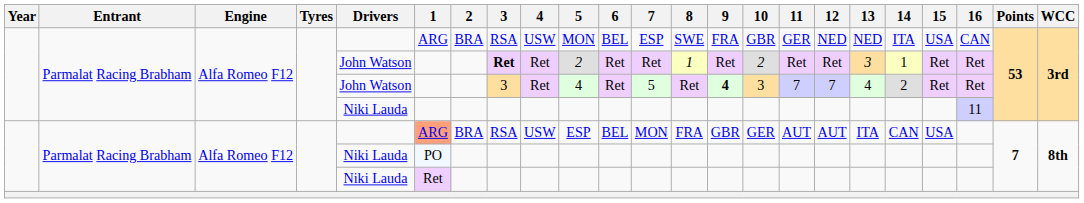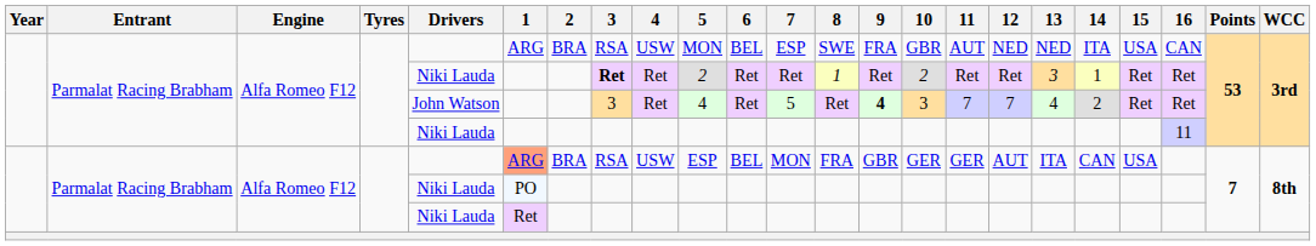 <table class="wikitable" style="text-align:center; font-size:95%">
 <tr>
 <th>Year</th>
 <th>Entrant</th>
 <th>Engine</th>
 <th>Tyres</th>
 <th>Drivers</th>
 <th>1</th>
 <th>2</th>
 <th>3</th>
 <th>4</th>
 <th>5</th>
 <th>6</th>
 <th>7</th>
 <th>8</th>
 <th>9</th>
 <th>10</th>
 <th>11</th>
 <th>12</th>
 <th>13</th>
 <th>14</th>
 <th>15</th>
 <th>16</th>
 <th>Points</th>
 <th>WCC</th>
 </tr>
 <tr>
 <td rowspan="4"></td>
 <td Rowspan="4"><a href='#'>Parmalat</a> <a href='#'>Racing Brabham</a></td>
 <td rowspan="4"><a href='#'>Alfa Romeo</a> <a href='#'>F12</a></td>
 <td rowspan="4"></td>
 <td></td>
 <td><a href='#'>ARG</a></td>
 <td><a href='#'>BRA</a></td>
 <td><a href='#'>RSA</a></td>
 <td><a href='#'>USW</a></td>
 <td><a href='#'>MON</a></td>
 <td><a href='#'>BEL</a></td>
 <td><a href='#'>ESP</a></td>
 <td><a href='#'>SWE</a></td>
 <td><a href='#'>FRA</a></td>
 <td><a href='#'>GBR</a></td>
-<td><a href='#'>GER</a></td>
+<td><a href='#'>AUT</a></td>
 <td><a href='#'>NED</a></td>
 <td><a href='#'>NED</a></td>
 <td><a href='#'>ITA</a></td>
 <td><a href='#'>USA</a></td>
 <td><a href='#'>CAN</a></td>
 <td rowspan="4" style="background:#FFDF9F;"><strong>53</strong></td>
 <td rowspan="4" style="background:#FFDF9F;"><strong>3rd</strong> </td>
 </tr>
 <tr>
-<td><a href='#'>John Watson</a></td>
+<td><a href='#'>Niki Lauda</a></td>
 <td></td>
 <td></td>
 <td style="background:#EFCFFF;"><strong>Ret</strong></td>
 <td style="background:#EFCFFF;">Ret</td>
 <td style="background:#DFDFDF;"><em>2</em></td>
 <td style="background:#EFCFFF;">Ret</td>
 <td style="background:#EFCFFF;">Ret</td>
 <td style="background:#FBFFBF;"><em>1</em></td>
 <td style="background:#EFCFFF;">Ret</td>
 <td style="background:#DFDFDF;"><em>2</em></td>
 <td style="background:#EFCFFF;">Ret</td>
 <td style="background:#EFCFFF;">Ret</td>
 <td style="background:#FFDF9F;"><em>3</em></td>
 <td style="background:#FBFFBF;">1</td>
 <td style="background:#EFCFFF;">Ret</td>
 <td style="background:#EFCFFF;">Ret</td>
 </tr>
 <tr>
 <td><a href='#'>John Watson</a></td>
 <td></td>
 <td></td>
 <td style="background:#FFDF9F;">3</td>
 <td style="background:#EFCFFF;">Ret</td>
 <td style="background:#DFFFDF;">4</td>
 <td style="background:#EFCFFF;">Ret</td>
 <td style="background:#DFFFDF;">5</td>
 <td style="background:#EFCFFF;">Ret</td>
 <td style="background:#DFFFDF;"><strong>4</strong></td>
 <td style="background:#FFDF9F;">3</td>
 <td style="background:#CFCFFF;">7</td>
 <td style="background:#CFCFFF;">7</td>
 <td style="background:#DFFFDF;">4</td>
 <td style="background:#DFDFDF;">2</td>
 <td style="background:#EFCFFF;">Ret</td>
 <td style="background:#EFCFFF;">Ret</td>
 </tr>
 <tr>
 <td><a href='#'>Niki Lauda</a></td>
 <td></td>
 <td></td>
 <td></td>
 <td></td>
 <td></td>
 <td></td>
 <td></td>
 <td></td>
 <td></td>
 <td></td>
 <td></td>
 <td></td>
 <td></td>
 <td></td>
 <td></td>
 <td style="background:#CFCFFF;">11</td>
 </tr>
 <tr>
 <td rowspan="3"></td>
 <td Rowspan="3"><a href='#'>Parmalat</a> <a href='#'>Racing Brabham</a></td>
 <td rowspan="3"><a href='#'>Alfa Romeo</a> <a href='#'>F12</a></td>
 <td rowspan="3"></td>
 <td></td>
 <td style="background: lightsalmon;"><a href='#'>ARG</a></td>
 <td><a href='#'>BRA</a></td>
 <td><a href='#'>RSA</a></td>
 <td><a href='#'>USW</a></td>
 <td><a href='#'>ESP</a></td>
 <td><a href='#'>BEL</a></td>
 <td><a href='#'>MON</a></td>
 <td><a href='#'>FRA</a></td>
 <td><a href='#'>GBR</a></td>
 <td><a href='#'>GER</a></td>
-<td><a href='#'>AUT</a></td>
+<td><a href='#'>GER</a></td>
 <td><a href='#'>AUT</a></td>
 <td><a href='#'>ITA</a></td>
 <td><a href='#'>CAN</a></td>
 <td><a href='#'>USA</a></td>
 <td></td>
 <td rowspan="3"><strong>7</strong></td>
 <td rowspan="3"><strong>8th</strong> </td>
 </tr>
 <tr>
 <td><a href='#'>Niki Lauda</a></td>
 <td style="background:#F1F8FF;">PO</td>
 <td></td>
 <td></td>
 <td></td>
 <td></td>
 <td></td>
 <td></td>
 <td></td>
 <td></td>
 <td></td>
 <td></td>
 <td></td>
 <td></td>
 <td></td>
 <td></td>
 <td></td>
 </tr>
 <tr>
 <td><a href='#'>Niki Lauda</a></td>
 <td style="background:#EFCFFF;">Ret</td>
 <td></td>
 <td></td>
 <td></td>
 <td></td>
 <td></td>
 <td></td>
 <td></td>
 <td></td>
 <td></td>
 <td></td>
 <td></td>
 <td></td>
 <td></td>
 <td></td>
 <td></td>
 </tr>
 <tr>
 <th colspan="23"></th>
 </tr>
 </table>
